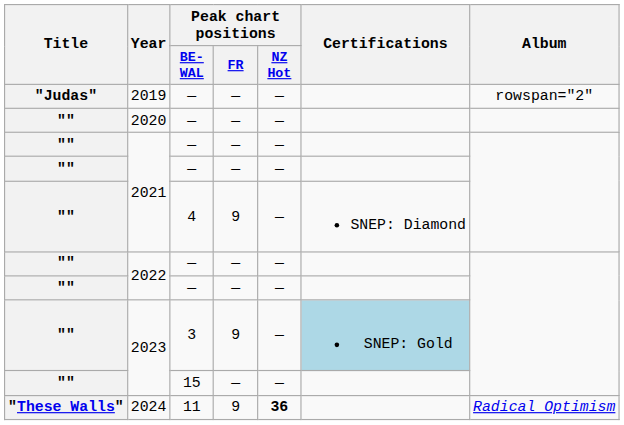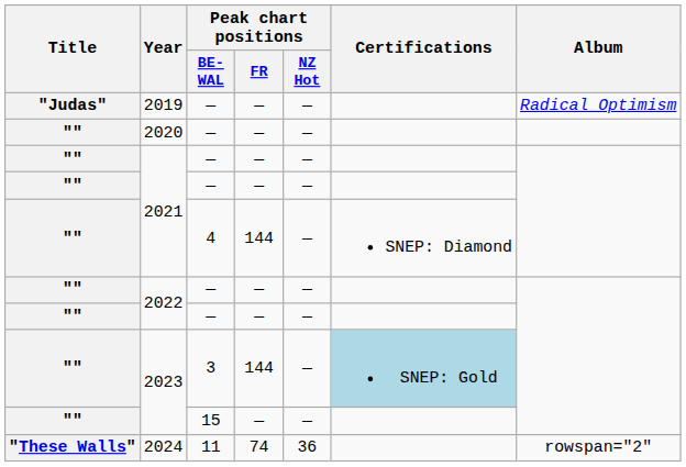 <table class="wikitable plainrowheaders" style="text-align:center;">
 <tr>
 <th scope="col" rowspan="2">Title</th>
 <th scope="col" rowspan="2">Year</th>
 <th scope="col" colspan="3">Peak chart positions</th>
 <th scope="col" rowspan="2">Certifications</th>
 <th scope="col" rowspan="2">Album</th>
 </tr>
 <tr>
 <th scope="col" style="width:2.8em;font-size:90%;"><a href='#'>BE-WAL</a><br></th>
 <th scope="col" style="width:2.8em;font-size:90%;"><a href='#'>FR</a><br></th>
 <th scope="col" style="width:2.8em;font-size:90%;"><a href='#'>NZ Hot</a><br></th>
 </tr>
 <tr>
 <th scope="row">"Judas"</th>
 <td>2019</td>
 <td>—</td>
 <td>—</td>
 <td>—</td>
 <td></td>
-<td>rowspan="2" </td>
+<td><em><a href='#'>Radical Optimism</a></em></td>
 </tr>
 <tr>
 <th scope="row">""</th>
 <td>2020</td>
 <td>—</td>
 <td>—</td>
 <td>—</td>
 <td></td>
 </tr>
 <tr>
 <th scope="row">""</th>
 <td rowspan="3">2021</td>
 <td>—</td>
 <td>—</td>
 <td>—</td>
 <td></td>
 <td rowspan="3"></td>
 </tr>
 <tr>
 <th scope="row">""</th>
 <td>—</td>
 <td>—</td>
 <td>—</td>
 <td></td>
 </tr>
 <tr>
 <th scope="row">""</th>
 <td>4</td>
-<td>9</td>
+<td>144</td>
 <td>—</td>
 <td><br><ul><li>SNEP: Diamond</li></ul></td>
 </tr>
 <tr>
 <th scope="row">""</th>
 <td rowspan="2">2022</td>
 <td>—</td>
 <td>—</td>
 <td>—</td>
 <td></td>
 <td rowspan="4"></td>
 </tr>
 <tr>
 <th scope="row">""</th>
 <td>—</td>
 <td>—</td>
 <td>—</td>
 <td></td>
 </tr>
 <tr>
 <th scope="row">""</th>
 <td rowspan="2">2023</td>
 <td>3</td>
-<td>9</td>
+<td>144</td>
 <td>—</td>
 <td style="background: lightblue;"><br><ul><li>SNEP: Gold</li></ul></td>
 </tr>
 <tr>
 <th scope="row">""</th>
 <td>15</td>
 <td>—</td>
 <td>—</td>
 <td></td>
 </tr>
 <tr>
 <th scope="row">"<a href='#'>These Walls</a>"<br></th>
 <td>2024</td>
 <td>11<br></td>
-<td>9</td>
-<td><strong>36</strong></td>
+<td>74<br></td>
+<td>36</td>
 <td></td>
-<td><em><a href='#'>Radical Optimism</a></em></td>
+<td>rowspan="2" </td>
 </tr>
 </table>
